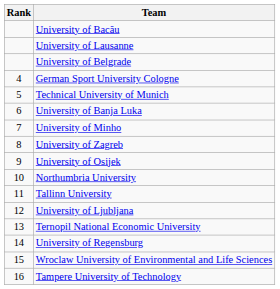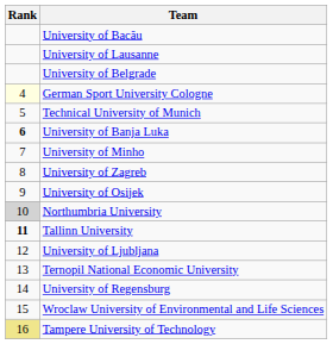 <table class="wikitable">
 <tr>
 <th>Rank</th>
 <th>Team</th>
 </tr>
 <tr>
 <td align="center"></td>
 <td> <a href='#'>University of Bacău</a></td>
 </tr>
 <tr>
 <td align="center"></td>
 <td> <a href='#'>University of Lausanne</a></td>
 </tr>
 <tr>
 <td align="center"></td>
 <td> <a href='#'>University of Belgrade</a></td>
 </tr>
 <tr>
-<td align="center">4</td>
+<td align="center" style="background: lightyellow;">4</td>
 <td> <a href='#'>German Sport University Cologne</a></td>
 </tr>
 <tr>
 <td align="center">5</td>
 <td> <a href='#'>Technical University of Munich</a></td>
 </tr>
 <tr>
-<td align="center">6</td>
+<td align="center"><strong>6</strong></td>
 <td> <a href='#'>University of Banja Luka</a></td>
 </tr>
 <tr>
 <td align="center">7</td>
 <td> <a href='#'>University of Minho</a></td>
 </tr>
 <tr>
 <td align="center">8</td>
 <td> <a href='#'>University of Zagreb</a></td>
 </tr>
 <tr>
 <td align="center">9</td>
 <td> <a href='#'>University of Osijek</a></td>
 </tr>
 <tr>
-<td align="center">10</td>
+<td align="center" style="background: lightgrey;">10</td>
 <td> <a href='#'>Northumbria University</a></td>
 </tr>
 <tr>
-<td align="center">11</td>
+<td align="center"><strong>11</strong></td>
 <td> <a href='#'>Tallinn University</a></td>
 </tr>
 <tr>
 <td align="center">12</td>
 <td> <a href='#'>University of Ljubljana</a></td>
 </tr>
 <tr>
 <td align="center">13</td>
 <td> <a href='#'>Ternopil National Economic University</a></td>
 </tr>
 <tr>
 <td align="center">14</td>
 <td> <a href='#'>University of Regensburg</a></td>
 </tr>
 <tr>
 <td align="center">15</td>
 <td> <a href='#'>Wroclaw University of Environmental and Life Sciences</a></td>
 </tr>
 <tr>
-<td align="center">16</td>
+<td align="center" style="background: khaki;">16</td>
 <td> <a href='#'>Tampere University of Technology</a></td>
 </tr>
 </table>
